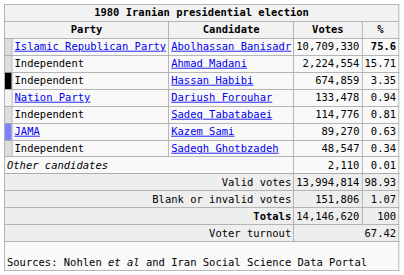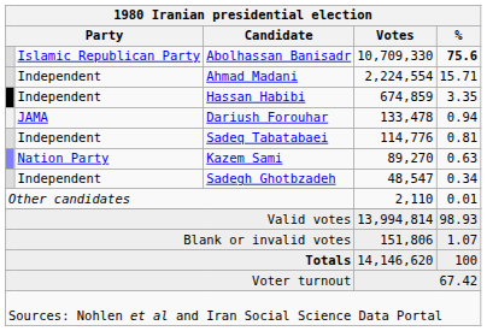 <table class="wikitable" style="font-size:95%;">
 <tr>
 <th colspan="6">1980 Iranian presidential election</th>
 </tr>
 <tr>
 <th colspan="2">Party</th>
 <th>Candidate</th>
 <th>Votes</th>
 <th>%</th>
 </tr>
 <tr>
 <th style="background:#DDDDDD; width:3px;"></th>
 <td><a href='#'>Islamic Republican Party</a></td>
 <td><a href='#'>Abolhassan Banisadr</a></td>
 <td style="text-align:right;">10,709,330</td>
 <td style="text-align:right;"><strong>75.6</strong></td>
 </tr>
 <tr>
 <th style="background:#DDDDDD; width:3px;"></th>
 <td>Independent</td>
 <td><a href='#'>Ahmad Madani</a></td>
 <td style="text-align:right;">2,224,554</td>
 <td style="text-align:right;">15.71</td>
 </tr>
 <tr>
 <th style="background:#000000; width:3px;"></th>
 <td>Independent</td>
 <td><a href='#'>Hassan Habibi</a></td>
 <td style="text-align:right;">674,859</td>
 <td style="text-align:right;">3.35</td>
 </tr>
 <tr>
 <th style="background:"></th>
-<td><a href='#'>Nation Party</a></td>
+<td><a href='#'>JAMA</a></td>
 <td><a href='#'>Dariush Forouhar</a></td>
 <td style="text-align:right;">133,478</td>
 <td style="text-align:right;">0.94</td>
 </tr>
 <tr>
 <th style="background:#DDDDDD; width:3px;"></th>
 <td>Independent</td>
 <td><a href='#'>Sadeq Tabatabaei</a></td>
 <td style="text-align:right;">114,776</td>
 <td style="text-align:right;">0.81</td>
 </tr>
 <tr>
 <th style="background:#8080ff; width:3px;"></th>
-<td><a href='#'>JAMA</a></td>
+<td><a href='#'>Nation Party</a></td>
 <td><a href='#'>Kazem Sami</a></td>
 <td style="text-align:right;">89,270</td>
 <td style="text-align:right;">0.63</td>
 </tr>
 <tr>
 <th style="background:#DDDDDD; width:3px;"></th>
 <td>Independent</td>
 <td><a href='#'>Sadegh Ghotbzadeh</a></td>
 <td style="text-align:right;">48,547</td>
 <td style="text-align:right;">0.34</td>
 </tr>
 <tr>
 <td colspan="3"><em>Other candidates</em></td>
 <td style="text-align:right;">2,110</td>
 <td style="text-align:right;">0.01</td>
 </tr>
 <tr>
 </tr>
 <tr style="background:#eee">
 <td colspan="3" style="text-align:right;">Valid votes</td>
 <td style="text-align:right;">13,994,814</td>
 <td style="text-align:right;" colspan=2>98.93</td>
 </tr>
 <tr style="background:#eee">
 <td colspan="3" style="text-align:right;">Blank or invalid votes</td>
 <td style="text-align:right;">151,806</td>
 <td style="text-align:right;" colspan=2>1.07</td>
 </tr>
 <tr style="background:#eee">
 <td colspan="3" style="text-align:right;"><strong>Totals</strong></td>
 <td style="text-align:right;">14,146,620</td>
 <td style="text-align:right;" colspan=2>100</td>
 </tr>
 <tr style="background:#eee">
 <td colspan="3" style="text-align:right;">Voter turnout</td>
 <td colspan="3" style="text-align:right;">67.42</td>
 </tr>
 <tr>
 <td colspan="7"><br>Sources: Nohlen <em>et al</em> and Iran Social Science Data Portal</td>
 </tr>
 </table>
